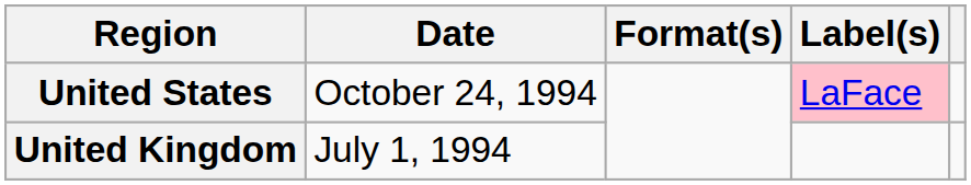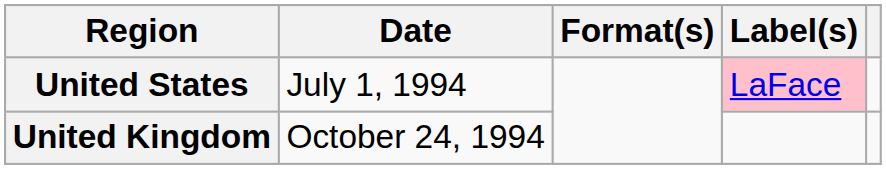 <table class="wikitable plainrowheaders">
 <tr>
 <th scope="col">Region</th>
 <th scope="col">Date</th>
 <th scope="col">Format(s)</th>
 <th scope="col">Label(s)</th>
 <th scope="col"></th>
 </tr>
 <tr>
 <th scope="row">United States</th>
-<td>October 24, 1994</td>
+<td>July 1, 1994</td>
 <td rowspan="2"></td>
 <td style="background: pink;"><a href='#'>LaFace</a></td>
 <td></td>
 </tr>
 <tr>
 <th scope="row">United Kingdom</th>
-<td>July 1, 1994</td>
+<td>October 24, 1994</td>
 <td></td>
 <td></td>
 </tr>
 </table>
